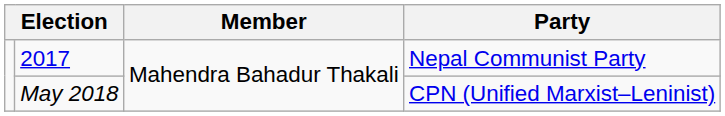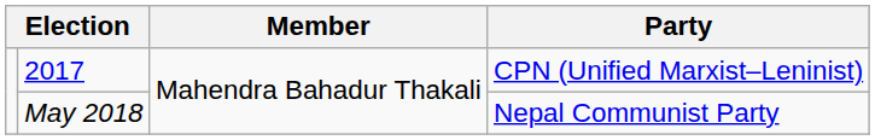 <table class="wikitable">
 <tr>
 <th colspan="2">Election</th>
 <th>Member</th>
 <th>Party</th>
 </tr>
 <tr>
 <td rowspan="2" style="background-color:"></td>
 <td><a href='#'>2017</a></td>
 <td rowspan="2">Mahendra Bahadur Thakali</td>
-<td><a href='#'>Nepal Communist Party</a></td>
+<td><a href='#'>CPN (Unified Marxist–Leninist)</a></td>
 </tr>
 <tr>
 <td><em>May 2018</em></td>
-<td><a href='#'>CPN (Unified Marxist–Leninist)</a></td>
+<td><a href='#'>Nepal Communist Party</a></td>
 </tr>
 </table>
